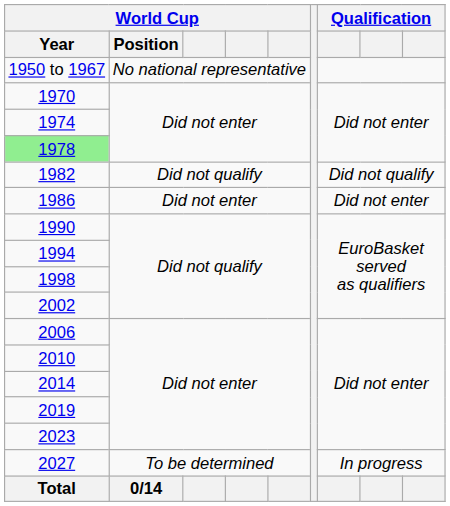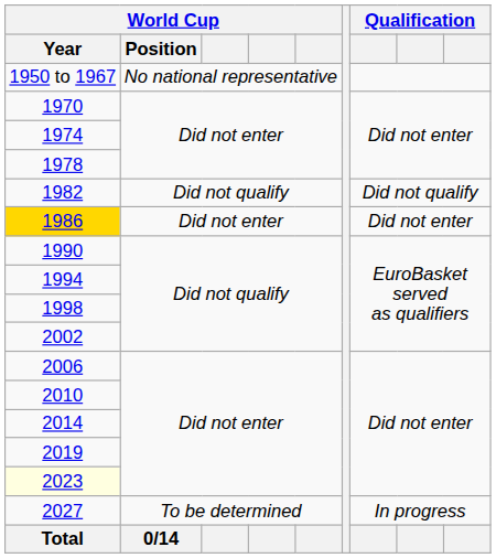 <table class="wikitable" style="text-align: center;font-size:90%;">
 <tr>
 <th colspan=5><a href='#'>World Cup</a></th>
 <th rowspan=19></th>
 <th colspan=3><a href='#'>Qualification</a></th>
 </tr>
 <tr>
 <th>Year</th>
 <th>Position</th>
 <th width=30></th>
 <th width=30></th>
 <th width=30></th>
 <th width=30></th>
 <th width=30></th>
 <th width=30></th>
 </tr>
 <tr>
 <td><a href='#'>1950</a> to <a href='#'>1967</a></td>
 <td colspan=4><em>No national representative</em></td>
 </tr>
 <tr>
 <td> <a href='#'>1970</a></td>
 <td colspan=4 rowspan=3><em>Did not enter</em></td>
 <td colspan=3 rowspan=3><em>Did not enter</em></td>
 </tr>
 <tr>
 <td> <a href='#'>1974</a></td>
 </tr>
 <tr>
-<td style="background: lightgreen;"> <a href='#'>1978</a></td>
+<td> <a href='#'>1978</a></td>
 </tr>
 <tr>
 <td> <a href='#'>1982</a></td>
 <td colspan=4><em>Did not qualify</em></td>
 <td colspan=3><em>Did not qualify</em></td>
 </tr>
 <tr>
-<td> <a href='#'>1986</a></td>
+<td style="background: gold;"> <a href='#'>1986</a></td>
 <td colspan=4><em>Did not enter</em></td>
 <td colspan=3><em>Did not enter</em></td>
 </tr>
 <tr>
 <td> <a href='#'>1990</a></td>
 <td colspan=4 rowspan=4><em>Did not qualify</em></td>
 <td colspan=3 rowspan=4><em>EuroBasket served<br>as qualifiers</em></td>
 </tr>
 <tr>
 <td> <a href='#'>1994</a></td>
 </tr>
 <tr>
 <td> <a href='#'>1998</a></td>
 </tr>
 <tr>
 <td> <a href='#'>2002</a></td>
 </tr>
 <tr>
 <td> <a href='#'>2006</a></td>
 <td colspan=4 rowspan=5><em>Did not enter</em></td>
 <td colspan=3 rowspan=5><em>Did not enter</em></td>
 </tr>
 <tr>
 <td> <a href='#'>2010</a></td>
 </tr>
 <tr>
 <td> <a href='#'>2014</a></td>
 </tr>
 <tr>
 <td> <a href='#'>2019</a></td>
 </tr>
 <tr>
-<td> <a href='#'>2023</a></td>
+<td style="background: lightyellow;"> <a href='#'>2023</a></td>
 </tr>
 <tr>
 <td> <a href='#'>2027</a></td>
 <td colspan=4><em>To be determined</em></td>
 <td colspan=3><em>In progress</em></td>
 </tr>
 <tr>
 <th>Total</th>
 <th>0/14</th>
 <th></th>
 <th></th>
 <th></th>
 <th></th>
 <th></th>
 <th></th>
 </tr>
 </table>
